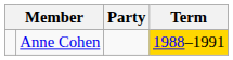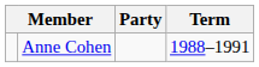 <table class="wikitable">
 <tr>
 <th colspan="2">Member</th>
 <th>Party</th>
 <th>Term</th>
 </tr>
 <tr>
 <td> </td>
 <td><a href='#'>Anne Cohen</a></td>
 <td></td>
-<td style="background: gold;"><a href='#'>1988</a>–1991</td>
+<td><a href='#'>1988</a>–1991</td>
 </tr>
 </table>
